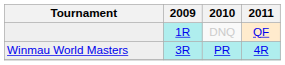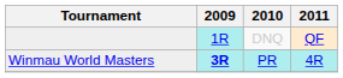 <table class="wikitable" style="width:30%; margin:0">
 <tr>
 <th>Tournament</th>
 <th>2009</th>
 <th>2010</th>
 <th>2011</th>
 </tr>
 <tr>
 <td style="background:#efefef;"></td>
 <td style="text-align:center; background:#afeeee;"><a href='#'>1R</a></td>
 <td style="text-align:center; color:#ccc;">DNQ</td>
 <td style="text-align:center; background:#ffebcd;"><a href='#'>QF</a></td>
 </tr>
 <tr>
 <td style="background:#efefef;"><a href='#'>Winmau World Masters</a></td>
-<td style="text-align:center; background:#afeeee;"><a href='#'>3R</a></td>
+<td style="text-align:center; background:#afeeee;"><strong><a href='#'>3R</a></strong></td>
 <td style="text-align:center; background:#afeeee;"><a href='#'>PR</a></td>
 <td style="text-align:center; background:#afeeee;"><a href='#'>4R</a></td>
 </tr>
 <tr>
 </tr>
 </table>
